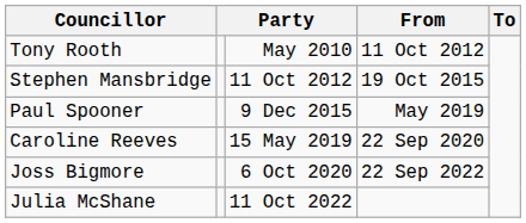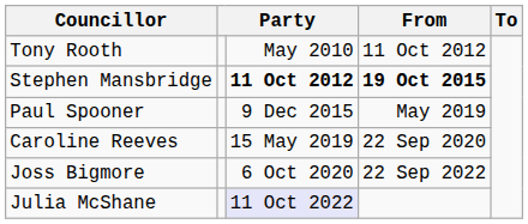 <table class=wikitable>
 <tr>
 <th>Councillor</th>
 <th colspan=2>Party</th>
 <th>From</th>
 <th>To</th>
 </tr>
 <tr>
 <td>Tony Rooth</td>
 <td></td>
 <td align=right>May 2010</td>
 <td align=right>11 Oct 2012</td>
 </tr>
 <tr>
 <td>Stephen Mansbridge</td>
 <td></td>
-<td align=right>11 Oct 2012</td>
-<td align=right>19 Oct 2015</td>
+<td align=right><strong>11 Oct 2012</strong></td>
+<td align=right><strong>19 Oct 2015</strong></td>
 </tr>
 <tr>
 <td>Paul Spooner</td>
 <td></td>
 <td align=right>9 Dec 2015</td>
 <td align=right>May 2019</td>
 </tr>
 <tr>
 <td>Caroline Reeves</td>
 <td></td>
 <td align=right>15 May 2019</td>
 <td align=right>22 Sep 2020</td>
 </tr>
 <tr>
 <td>Joss Bigmore</td>
 <td></td>
 <td align=right>6 Oct 2020</td>
 <td align=right>22 Sep 2022</td>
 </tr>
 <tr>
 <td>Julia McShane</td>
 <td></td>
-<td align=right>11 Oct 2022</td>
+<td align=right style="background: lavender;">11 Oct 2022</td>
 <td></td>
 </tr>
 </table>
